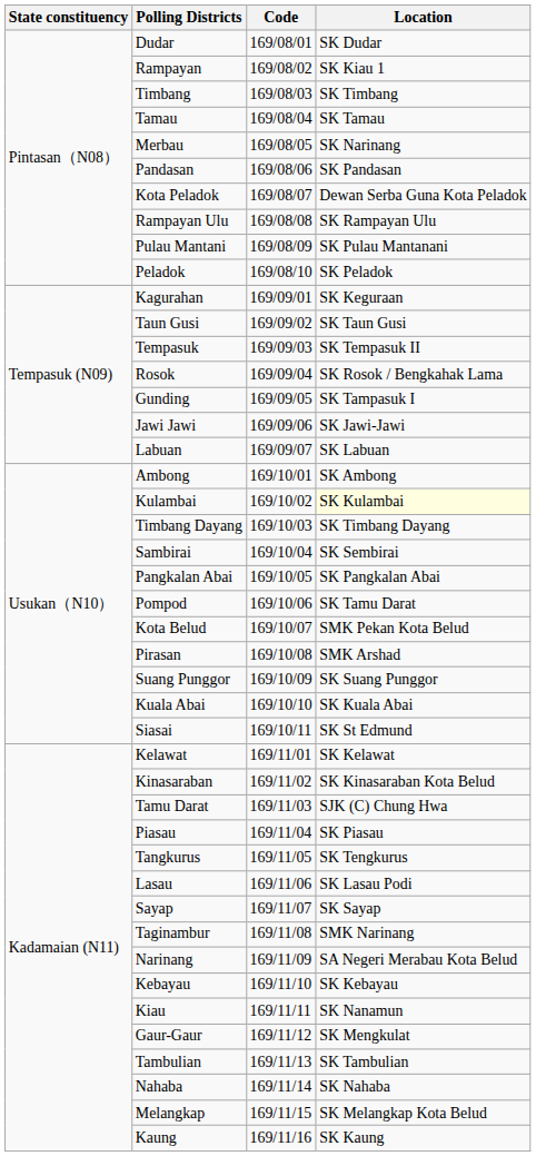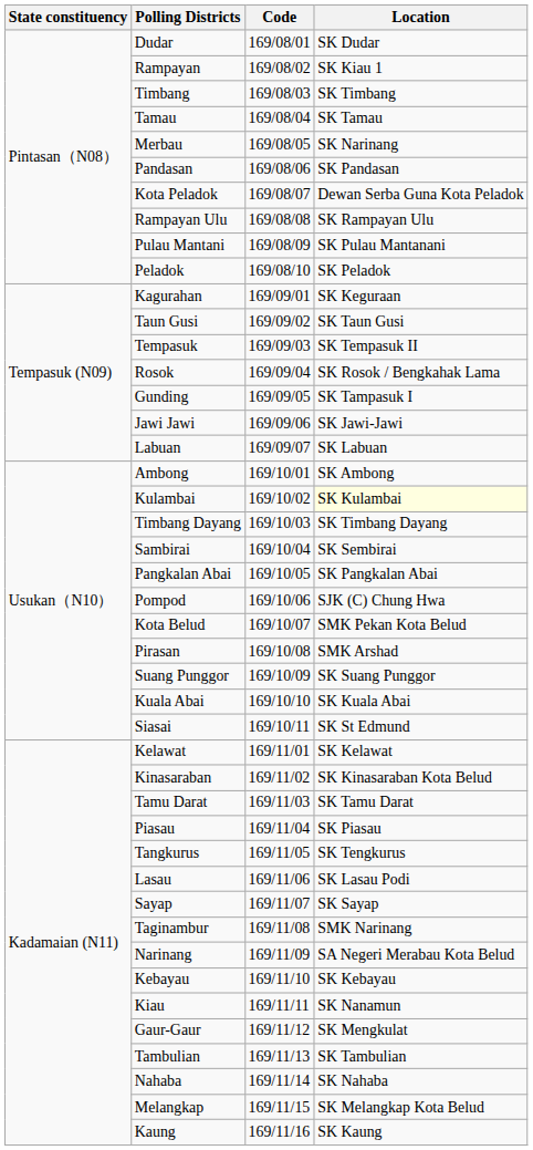 <table class="wikitable sortable mw-collapsible" style="white-space:nowrap;font-size:85%">
 <tr>
 <th>State constituency</th>
 <th>Polling Districts</th>
 <th>Code</th>
 <th>Location</th>
 </tr>
 <tr>
 <td rowspan="10">Pintasan（N08）</td>
 <td>Dudar</td>
 <td>169/08/01</td>
 <td>SK Dudar</td>
 </tr>
 <tr>
 <td>Rampayan</td>
 <td>169/08/02</td>
 <td>SK Kiau 1</td>
 </tr>
 <tr>
 <td>Timbang</td>
 <td>169/08/03</td>
 <td>SK Timbang</td>
 </tr>
 <tr>
 <td>Tamau</td>
 <td>169/08/04</td>
 <td>SK Tamau</td>
 </tr>
 <tr>
 <td>Merbau</td>
 <td>169/08/05</td>
 <td>SK Narinang</td>
 </tr>
 <tr>
 <td>Pandasan</td>
 <td>169/08/06</td>
 <td>SK Pandasan</td>
 </tr>
 <tr>
 <td>Kota Peladok</td>
 <td>169/08/07</td>
 <td>Dewan Serba Guna Kota Peladok</td>
 </tr>
 <tr>
 <td>Rampayan Ulu</td>
 <td>169/08/08</td>
 <td>SK Rampayan Ulu</td>
 </tr>
 <tr>
 <td>Pulau Mantani</td>
 <td>169/08/09</td>
 <td>SK Pulau Mantanani</td>
 </tr>
 <tr>
 <td>Peladok</td>
 <td>169/08/10</td>
 <td>SK Peladok</td>
 </tr>
 <tr>
 <td rowspan="7">Tempasuk (N09)</td>
 <td>Kagurahan</td>
 <td>169/09/01</td>
 <td>SK Keguraan</td>
 </tr>
 <tr>
 <td>Taun Gusi</td>
 <td>169/09/02</td>
 <td>SK Taun Gusi</td>
 </tr>
 <tr>
 <td>Tempasuk</td>
 <td>169/09/03</td>
 <td>SK Tempasuk II</td>
 </tr>
 <tr>
 <td>Rosok</td>
 <td>169/09/04</td>
 <td>SK Rosok / Bengkahak Lama</td>
 </tr>
 <tr>
 <td>Gunding</td>
 <td>169/09/05</td>
 <td>SK Tampasuk I</td>
 </tr>
 <tr>
 <td>Jawi Jawi</td>
 <td>169/09/06</td>
 <td>SK Jawi-Jawi</td>
 </tr>
 <tr>
 <td>Labuan</td>
 <td>169/09/07</td>
 <td>SK Labuan</td>
 </tr>
 <tr>
 <td rowspan="11">Usukan（N10）</td>
 <td>Ambong</td>
 <td>169/10/01</td>
 <td>SK Ambong</td>
 </tr>
 <tr>
 <td>Kulambai</td>
 <td>169/10/02</td>
 <td style="background: lightyellow;">SK Kulambai</td>
 </tr>
 <tr>
 <td>Timbang Dayang</td>
 <td>169/10/03</td>
 <td>SK Timbang Dayang</td>
 </tr>
 <tr>
 <td>Sambirai</td>
 <td>169/10/04</td>
 <td>SK Sembirai</td>
 </tr>
 <tr>
 <td>Pangkalan Abai</td>
 <td>169/10/05</td>
 <td>SK Pangkalan Abai</td>
 </tr>
 <tr>
 <td>Pompod</td>
 <td>169/10/06</td>
-<td>SK Tamu Darat</td>
+<td>SJK (C) Chung Hwa</td>
 </tr>
 <tr>
 <td>Kota Belud</td>
 <td>169/10/07</td>
 <td>SMK Pekan Kota Belud</td>
 </tr>
 <tr>
 <td>Pirasan</td>
 <td>169/10/08</td>
 <td>SMK Arshad</td>
 </tr>
 <tr>
 <td>Suang Punggor</td>
 <td>169/10/09</td>
 <td>SK Suang Punggor</td>
 </tr>
 <tr>
 <td>Kuala Abai</td>
 <td>169/10/10</td>
 <td>SK Kuala Abai</td>
 </tr>
 <tr>
 <td>Siasai</td>
 <td>169/10/11</td>
 <td>SK St Edmund</td>
 </tr>
 <tr>
 <td rowspan="16">Kadamaian (N11)</td>
 <td>Kelawat</td>
 <td>169/11/01</td>
 <td>SK Kelawat</td>
 </tr>
 <tr>
 <td>Kinasaraban</td>
 <td>169/11/02</td>
 <td>SK Kinasaraban Kota Belud</td>
 </tr>
 <tr>
 <td>Tamu Darat</td>
 <td>169/11/03</td>
-<td>SJK (C) Chung Hwa</td>
+<td>SK Tamu Darat</td>
 </tr>
 <tr>
 <td>Piasau</td>
 <td>169/11/04</td>
 <td>SK Piasau</td>
 </tr>
 <tr>
 <td>Tangkurus</td>
 <td>169/11/05</td>
 <td>SK Tengkurus</td>
 </tr>
 <tr>
 <td>Lasau</td>
 <td>169/11/06</td>
 <td>SK Lasau Podi</td>
 </tr>
 <tr>
 <td>Sayap</td>
 <td>169/11/07</td>
 <td>SK Sayap</td>
 </tr>
 <tr>
 <td>Taginambur</td>
 <td>169/11/08</td>
 <td>SMK Narinang</td>
 </tr>
 <tr>
 <td>Narinang</td>
 <td>169/11/09</td>
 <td>SA Negeri Merabau Kota Belud</td>
 </tr>
 <tr>
 <td>Kebayau</td>
 <td>169/11/10</td>
 <td>SK Kebayau</td>
 </tr>
 <tr>
 <td>Kiau</td>
 <td>169/11/11</td>
 <td>SK Nanamun</td>
 </tr>
 <tr>
 <td>Gaur-Gaur</td>
 <td>169/11/12</td>
 <td>SK Mengkulat</td>
 </tr>
 <tr>
 <td>Tambulian</td>
 <td>169/11/13</td>
 <td>SK Tambulian</td>
 </tr>
 <tr>
 <td>Nahaba</td>
 <td>169/11/14</td>
 <td>SK Nahaba</td>
 </tr>
 <tr>
 <td>Melangkap</td>
 <td>169/11/15</td>
 <td>SK Melangkap Kota Belud</td>
 </tr>
 <tr>
 <td>Kaung</td>
 <td>169/11/16</td>
 <td>SK Kaung</td>
 </tr>
 <tr>
 </tr>
 </table>
